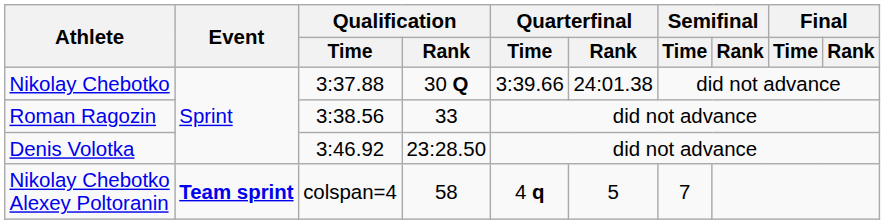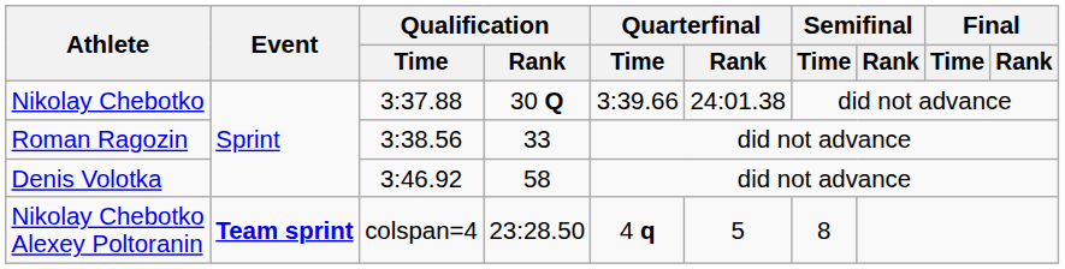 <table class="wikitable" style="font-size:90%">
 <tr>
 <th rowspan="2">Athlete</th>
 <th rowspan="2">Event</th>
 <th colspan="2">Qualification</th>
 <th colspan="2">Quarterfinal</th>
 <th colspan="2">Semifinal</th>
 <th colspan="2">Final</th>
 </tr>
 <tr style="font-size:95%">
 <th>Time</th>
 <th>Rank</th>
 <th>Time</th>
 <th>Rank</th>
 <th>Time</th>
 <th>Rank</th>
 <th>Time</th>
 <th>Rank</th>
 </tr>
 <tr align=center>
 <td align=left><a href='#'>Nikolay Chebotko</a></td>
 <td align=left rowspan=3><a href='#'>Sprint</a></td>
 <td>3:37.88</td>
 <td>30 <strong>Q</strong></td>
 <td>3:39.66</td>
 <td>24:01.38</td>
 <td colspan=4>did not advance</td>
 </tr>
 <tr align=center>
 <td align=left><a href='#'>Roman Ragozin</a></td>
 <td>3:38.56</td>
 <td>33</td>
 <td colspan=6>did not advance</td>
 </tr>
 <tr align=center>
 <td align=left><a href='#'>Denis Volotka</a></td>
 <td>3:46.92</td>
-<td>23:28.50</td>
+<td>58</td>
 <td colspan=6>did not advance</td>
 </tr>
 <tr align=center>
 <td align=left><a href='#'>Nikolay Chebotko</a><br><a href='#'>Alexey Poltoranin</a></td>
 <td align=left><strong><a href='#'>Team sprint</a></strong></td>
 <td>colspan=4 </td>
-<td>58</td>
+<td>23:28.50</td>
 <td>4 <strong>q</strong></td>
 <td>5</td>
-<td>7</td>
+<td>8</td>
 </tr>
 </table>
